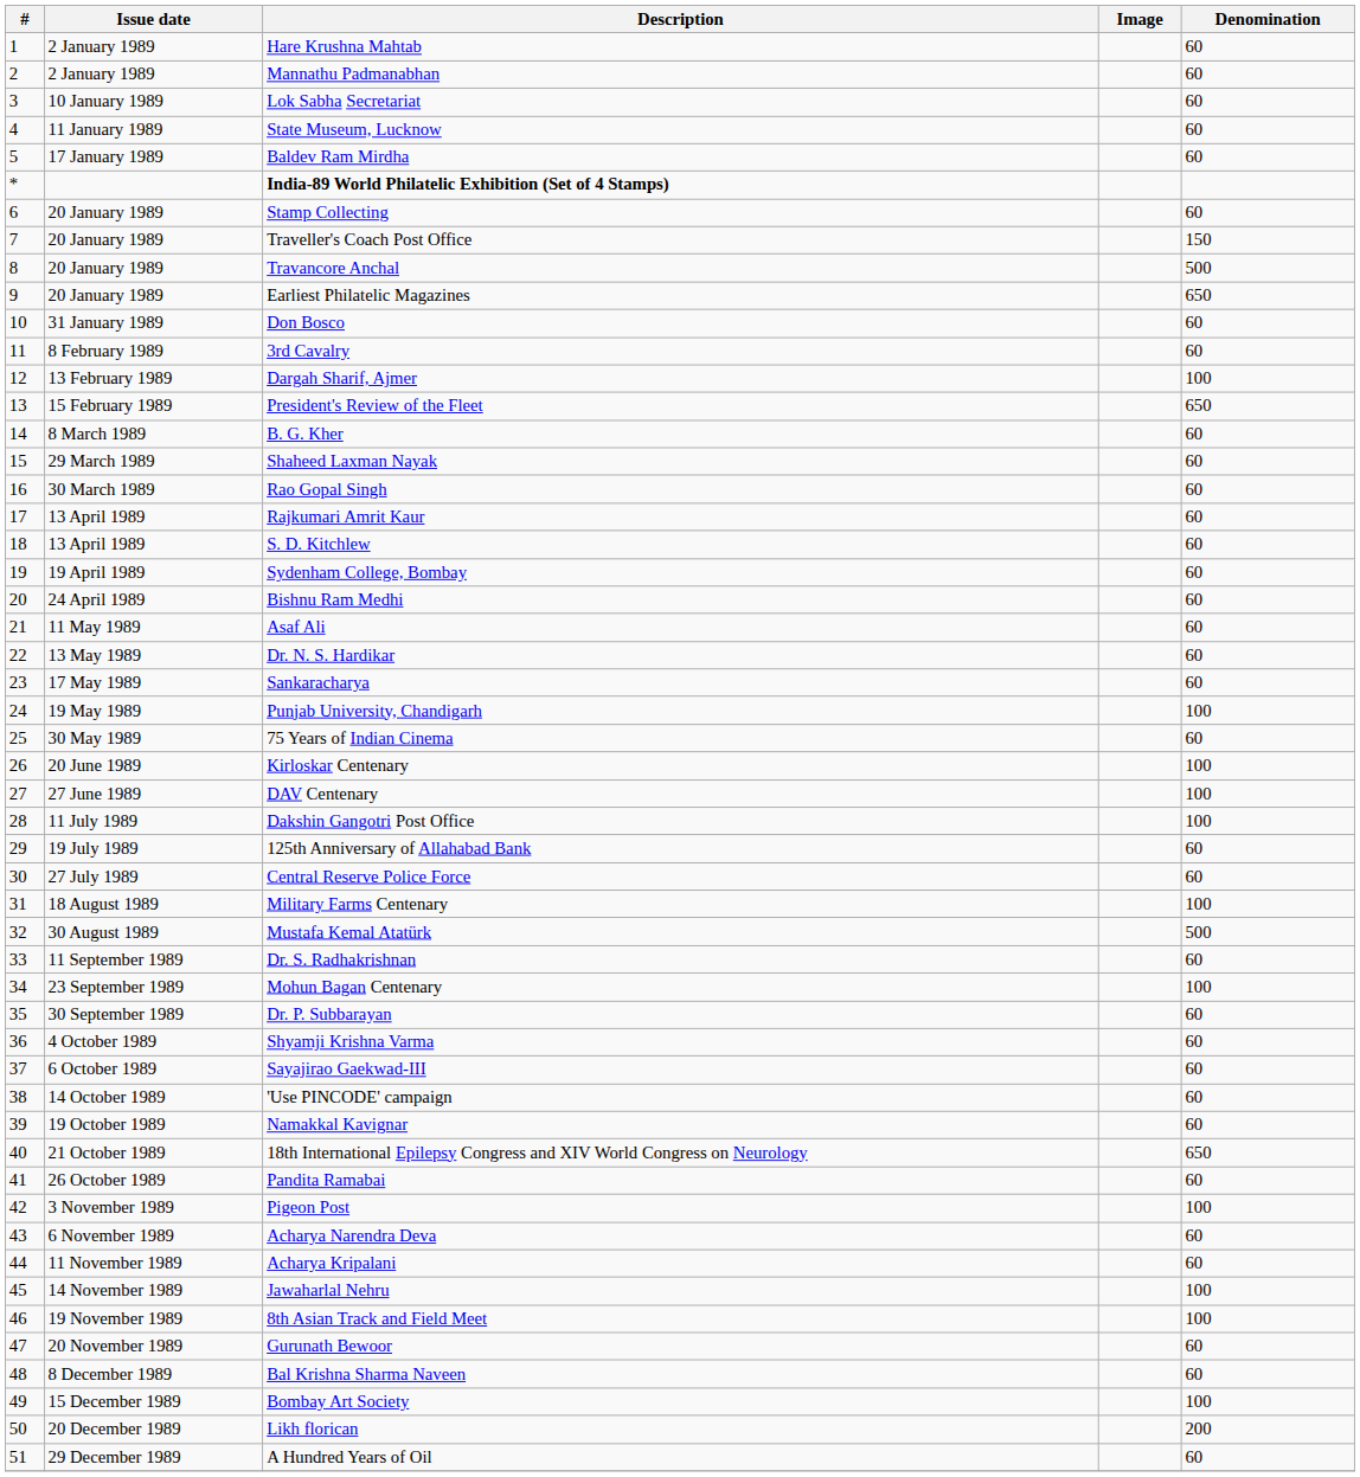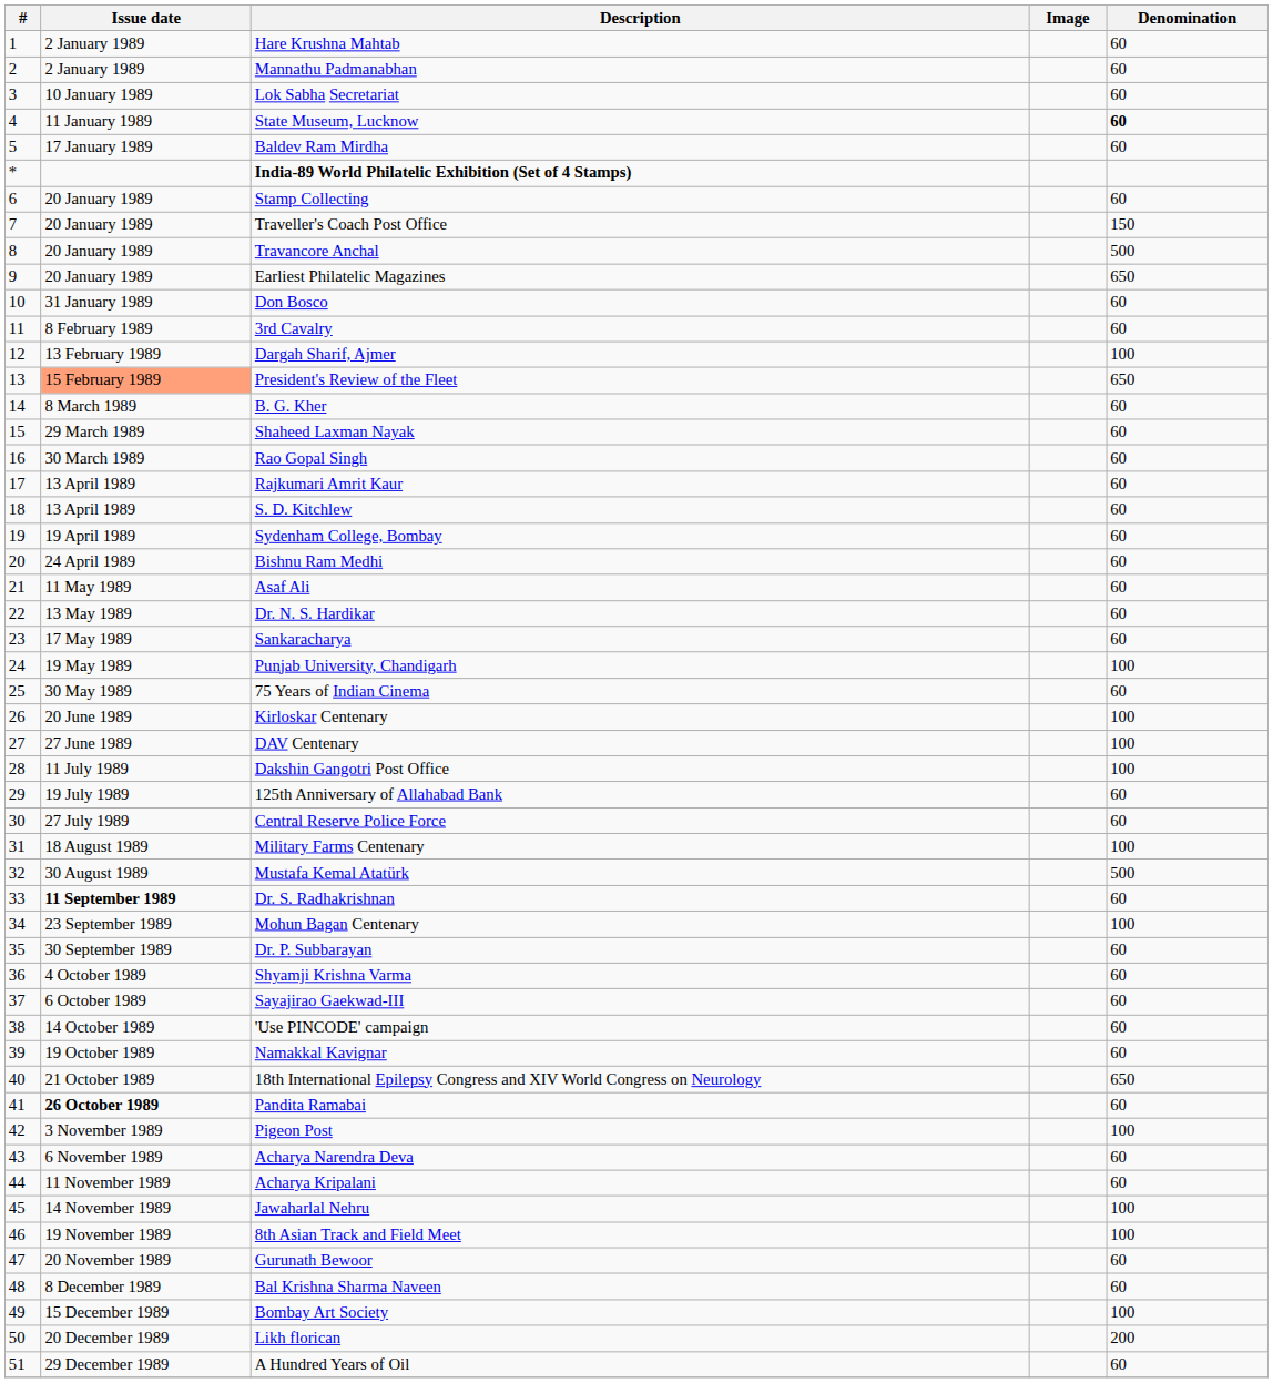 <table class="wikitable" style="text-align:justify" width="98%">
 <tr>
 <th>#</th>
 <th>Issue date</th>
 <th>Description</th>
 <th>Image</th>
 <th>Denomination</th>
 </tr>
 <tr>
 <td>1</td>
 <td>2 January 1989</td>
 <td><a href='#'>Hare Krushna Mahtab</a></td>
 <td></td>
 <td>60</td>
 </tr>
 <tr>
 <td>2</td>
 <td>2 January 1989</td>
 <td><a href='#'>Mannathu Padmanabhan</a></td>
 <td></td>
 <td>60</td>
 </tr>
 <tr>
 <td>3</td>
 <td>10 January 1989</td>
 <td><a href='#'>Lok Sabha</a> <a href='#'>Secretariat</a></td>
 <td></td>
 <td>60</td>
 </tr>
 <tr>
 <td>4</td>
 <td>11 January 1989</td>
 <td><a href='#'>State Museum, Lucknow</a></td>
 <td></td>
-<td>60</td>
+<td><strong>60</strong></td>
 </tr>
 <tr>
 <td>5</td>
 <td>17 January 1989</td>
 <td><a href='#'>Baldev Ram Mirdha</a></td>
 <td></td>
 <td>60</td>
 </tr>
 <tr>
 <td>*</td>
 <td></td>
 <td><strong>India-89 World Philatelic Exhibition (Set of 4 Stamps)</strong></td>
 <td></td>
 <td></td>
 </tr>
 <tr>
 <td>6</td>
 <td>20 January 1989</td>
 <td><a href='#'>Stamp Collecting</a></td>
 <td></td>
 <td>60</td>
 </tr>
 <tr>
 <td>7</td>
 <td>20 January 1989</td>
 <td>Traveller's Coach Post Office</td>
 <td></td>
 <td>150</td>
 </tr>
 <tr>
 <td>8</td>
 <td>20 January 1989</td>
 <td><a href='#'>Travancore Anchal</a></td>
 <td></td>
 <td>500</td>
 </tr>
 <tr>
 <td>9</td>
 <td>20 January 1989</td>
 <td>Earliest Philatelic Magazines</td>
 <td></td>
 <td>650</td>
 </tr>
 <tr>
 <td>10</td>
 <td>31 January 1989</td>
 <td><a href='#'>Don Bosco</a></td>
 <td></td>
 <td>60</td>
 </tr>
 <tr>
 <td>11</td>
 <td>8 February 1989</td>
 <td><a href='#'>3rd Cavalry</a></td>
 <td></td>
 <td>60</td>
 </tr>
 <tr>
 <td>12</td>
 <td>13 February 1989</td>
 <td><a href='#'>Dargah Sharif, Ajmer</a></td>
 <td></td>
 <td>100</td>
 </tr>
 <tr>
 <td>13</td>
-<td>15 February 1989</td>
+<td style="background: lightsalmon;">15 February 1989</td>
 <td><a href='#'>President's Review of the Fleet</a></td>
 <td></td>
 <td>650</td>
 </tr>
 <tr>
 <td>14</td>
 <td>8 March 1989</td>
 <td><a href='#'>B. G. Kher</a></td>
 <td></td>
 <td>60</td>
 </tr>
 <tr>
 <td>15</td>
 <td>29 March 1989</td>
 <td><a href='#'>Shaheed Laxman Nayak</a></td>
 <td></td>
 <td>60</td>
 </tr>
 <tr>
 <td>16</td>
 <td>30 March 1989</td>
 <td><a href='#'>Rao Gopal Singh</a></td>
 <td></td>
 <td>60</td>
 </tr>
 <tr>
 <td>17</td>
 <td>13 April 1989</td>
 <td><a href='#'>Rajkumari Amrit Kaur</a></td>
 <td></td>
 <td>60</td>
 </tr>
 <tr>
 <td>18</td>
 <td>13 April 1989</td>
 <td><a href='#'>S. D. Kitchlew</a></td>
 <td></td>
 <td>60</td>
 </tr>
 <tr>
 <td>19</td>
 <td>19 April 1989</td>
 <td><a href='#'>Sydenham College, Bombay</a></td>
 <td></td>
 <td>60</td>
 </tr>
 <tr>
 <td>20</td>
 <td>24 April 1989</td>
 <td><a href='#'>Bishnu Ram Medhi</a></td>
 <td></td>
 <td>60</td>
 </tr>
 <tr>
 <td>21</td>
 <td>11 May 1989</td>
 <td><a href='#'>Asaf Ali</a></td>
 <td></td>
 <td>60</td>
 </tr>
 <tr>
 <td>22</td>
 <td>13 May 1989</td>
 <td><a href='#'>Dr. N. S. Hardikar</a></td>
 <td></td>
 <td>60</td>
 </tr>
 <tr>
 <td>23</td>
 <td>17 May 1989</td>
 <td><a href='#'>Sankaracharya</a></td>
 <td></td>
 <td>60</td>
 </tr>
 <tr>
 <td>24</td>
 <td>19 May 1989</td>
 <td><a href='#'>Punjab University, Chandigarh</a></td>
 <td></td>
 <td>100</td>
 </tr>
 <tr>
 <td>25</td>
 <td>30 May 1989</td>
 <td>75 Years of <a href='#'>Indian Cinema</a></td>
 <td></td>
 <td>60</td>
 </tr>
 <tr>
 <td>26</td>
 <td>20 June 1989</td>
 <td><a href='#'>Kirloskar</a> Centenary</td>
 <td></td>
 <td>100</td>
 </tr>
 <tr>
 <td>27</td>
 <td>27 June 1989</td>
 <td><a href='#'>DAV</a> Centenary</td>
 <td></td>
 <td>100</td>
 </tr>
 <tr>
 <td>28</td>
 <td>11 July 1989</td>
 <td><a href='#'>Dakshin Gangotri</a> Post Office</td>
 <td></td>
 <td>100</td>
 </tr>
 <tr>
 <td>29</td>
 <td>19 July 1989</td>
 <td>125th Anniversary of <a href='#'>Allahabad Bank</a></td>
 <td></td>
 <td>60</td>
 </tr>
 <tr>
 <td>30</td>
 <td>27 July 1989</td>
 <td><a href='#'>Central Reserve Police Force</a></td>
 <td></td>
 <td>60</td>
 </tr>
 <tr>
 <td>31</td>
 <td>18 August 1989</td>
 <td><a href='#'>Military Farms</a> Centenary</td>
 <td></td>
 <td>100</td>
 </tr>
 <tr>
 <td>32</td>
 <td>30 August 1989</td>
 <td><a href='#'>Mustafa Kemal Atatürk</a></td>
 <td></td>
 <td>500</td>
 </tr>
 <tr>
 <td>33</td>
-<td>11 September 1989</td>
+<td><strong>11 September 1989</strong></td>
 <td><a href='#'>Dr. S. Radhakrishnan</a></td>
 <td></td>
 <td>60</td>
 </tr>
 <tr>
 <td>34</td>
 <td>23 September 1989</td>
 <td><a href='#'>Mohun Bagan</a> Centenary</td>
 <td></td>
 <td>100</td>
 </tr>
 <tr>
 <td>35</td>
 <td>30 September 1989</td>
 <td><a href='#'>Dr. P. Subbarayan</a></td>
 <td></td>
 <td>60</td>
 </tr>
 <tr>
 <td>36</td>
 <td>4 October 1989</td>
 <td><a href='#'>Shyamji Krishna Varma</a></td>
 <td></td>
 <td>60</td>
 </tr>
 <tr>
 <td>37</td>
 <td>6 October 1989</td>
 <td><a href='#'>Sayajirao Gaekwad-III</a></td>
 <td></td>
 <td>60</td>
 </tr>
 <tr>
 <td>38</td>
 <td>14 October 1989</td>
 <td>'Use PINCODE' campaign</td>
 <td></td>
 <td>60</td>
 </tr>
 <tr>
 <td>39</td>
 <td>19 October 1989</td>
 <td><a href='#'>Namakkal Kavignar</a></td>
 <td></td>
 <td>60</td>
 </tr>
 <tr>
 <td>40</td>
 <td>21 October 1989</td>
 <td>18th International <a href='#'>Epilepsy</a> Congress and XIV World Congress on <a href='#'>Neurology</a></td>
 <td></td>
 <td>650</td>
 </tr>
 <tr>
 <td>41</td>
-<td>26 October 1989</td>
+<td><strong>26 October 1989</strong></td>
 <td><a href='#'>Pandita Ramabai</a></td>
 <td></td>
 <td>60</td>
 </tr>
 <tr>
 <td>42</td>
 <td>3 November 1989</td>
 <td><a href='#'>Pigeon Post</a></td>
 <td></td>
 <td>100</td>
 </tr>
 <tr>
 <td>43</td>
 <td>6 November 1989</td>
 <td><a href='#'>Acharya Narendra Deva</a></td>
 <td></td>
 <td>60</td>
 </tr>
 <tr>
 <td>44</td>
 <td>11 November 1989</td>
 <td><a href='#'>Acharya Kripalani</a></td>
 <td></td>
 <td>60</td>
 </tr>
 <tr>
 <td>45</td>
 <td>14 November 1989</td>
 <td><a href='#'>Jawaharlal Nehru</a></td>
 <td></td>
 <td>100</td>
 </tr>
 <tr>
 <td>46</td>
 <td>19 November 1989</td>
 <td><a href='#'>8th Asian Track and Field Meet</a></td>
 <td></td>
 <td>100</td>
 </tr>
 <tr>
 <td>47</td>
 <td>20 November 1989</td>
 <td><a href='#'>Gurunath Bewoor</a></td>
 <td></td>
 <td>60</td>
 </tr>
 <tr>
 <td>48</td>
 <td>8 December 1989</td>
 <td><a href='#'>Bal Krishna Sharma Naveen</a></td>
 <td></td>
 <td>60</td>
 </tr>
 <tr>
 <td>49</td>
 <td>15 December 1989</td>
 <td><a href='#'>Bombay Art Society</a></td>
 <td></td>
 <td>100</td>
 </tr>
 <tr>
 <td>50</td>
 <td>20 December 1989</td>
 <td><a href='#'>Likh florican</a></td>
 <td></td>
 <td>200</td>
 </tr>
 <tr>
 <td>51</td>
 <td>29 December 1989</td>
 <td>A Hundred Years of Oil</td>
 <td></td>
 <td>60</td>
 </tr>
 <tr>
 </tr>
 </table>
